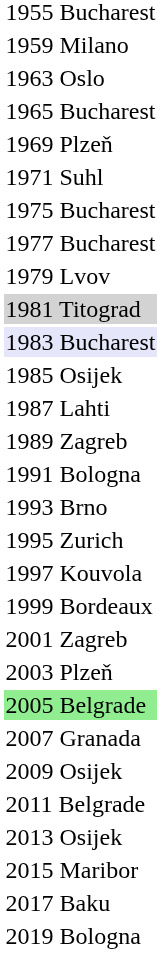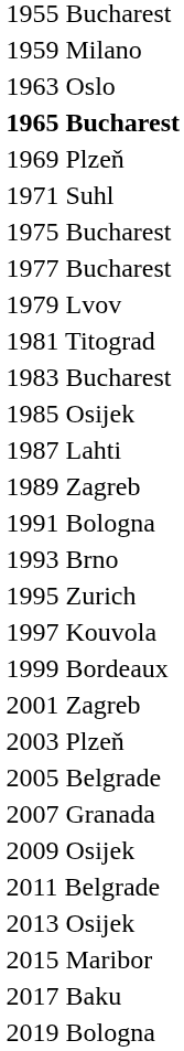 <table>
 <tr>
 <td>1955 Bucharest</td>
 <td></td>
 <td></td>
 <td></td>
 </tr>
 <tr>
 <td>1959 Milano</td>
 <td></td>
 <td></td>
 <td></td>
 </tr>
 <tr>
 <td>1963 Oslo</td>
 <td></td>
 <td></td>
 <td></td>
 </tr>
 <tr>
-<td>1965 Bucharest</td>
+<td><strong>1965 Bucharest</strong></td>
 <td></td>
 <td></td>
 <td></td>
 </tr>
 <tr>
 <td>1969 Plzeň</td>
 <td></td>
 <td></td>
 <td></td>
 </tr>
 <tr>
 <td>1971 Suhl</td>
 <td></td>
 <td></td>
 <td></td>
 </tr>
 <tr>
 <td>1975 Bucharest</td>
 <td></td>
 <td></td>
 <td></td>
 </tr>
 <tr>
 <td>1977 Bucharest</td>
 <td></td>
 <td></td>
 <td></td>
 </tr>
 <tr>
 <td>1979 Lvov</td>
 <td></td>
 <td></td>
 <td></td>
 </tr>
 <tr>
-<td style="background: lightgrey;">1981 Titograd</td>
+<td>1981 Titograd</td>
 <td></td>
 <td></td>
 <td></td>
 </tr>
 <tr>
-<td style="background: lavender;">1983 Bucharest</td>
+<td>1983 Bucharest</td>
 <td></td>
 <td></td>
 <td></td>
 </tr>
 <tr>
 <td>1985 Osijek</td>
 <td></td>
 <td></td>
 <td></td>
 </tr>
 <tr>
 <td>1987 Lahti</td>
 <td></td>
 <td></td>
 <td></td>
 </tr>
 <tr>
 <td>1989 Zagreb</td>
 <td></td>
 <td></td>
 <td></td>
 </tr>
 <tr>
 <td>1991 Bologna</td>
 <td></td>
 <td></td>
 <td></td>
 </tr>
 <tr>
 <td>1993 Brno</td>
 <td></td>
 <td></td>
 <td></td>
 </tr>
 <tr>
 <td>1995 Zurich</td>
 <td></td>
 <td></td>
 <td></td>
 </tr>
 <tr>
 <td>1997 Kouvola</td>
 <td></td>
 <td></td>
 <td></td>
 </tr>
 <tr>
 <td>1999 Bordeaux</td>
 <td></td>
 <td></td>
 <td></td>
 </tr>
 <tr>
 <td>2001 Zagreb</td>
 <td></td>
 <td></td>
 <td></td>
 </tr>
 <tr>
 <td>2003 Plzeň</td>
 <td></td>
 <td></td>
 <td></td>
 </tr>
 <tr>
-<td style="background: lightgreen;">2005 Belgrade</td>
+<td>2005 Belgrade</td>
 <td></td>
 <td></td>
 <td></td>
 </tr>
 <tr>
 <td>2007 Granada</td>
 <td></td>
 <td></td>
 <td></td>
 </tr>
 <tr>
 <td>2009 Osijek</td>
 <td></td>
 <td></td>
 <td></td>
 </tr>
 <tr>
 <td>2011 Belgrade</td>
 <td></td>
 <td></td>
 <td></td>
 </tr>
 <tr>
 <td>2013 Osijek</td>
 <td></td>
 <td></td>
 <td></td>
 </tr>
 <tr>
 <td>2015 Maribor</td>
 <td></td>
 <td></td>
 <td></td>
 </tr>
 <tr>
 <td>2017 Baku</td>
 <td></td>
 <td></td>
 <td></td>
 </tr>
 <tr>
 <td>2019 Bologna</td>
 <td></td>
 <td></td>
 <td></td>
 </tr>
 </table>
